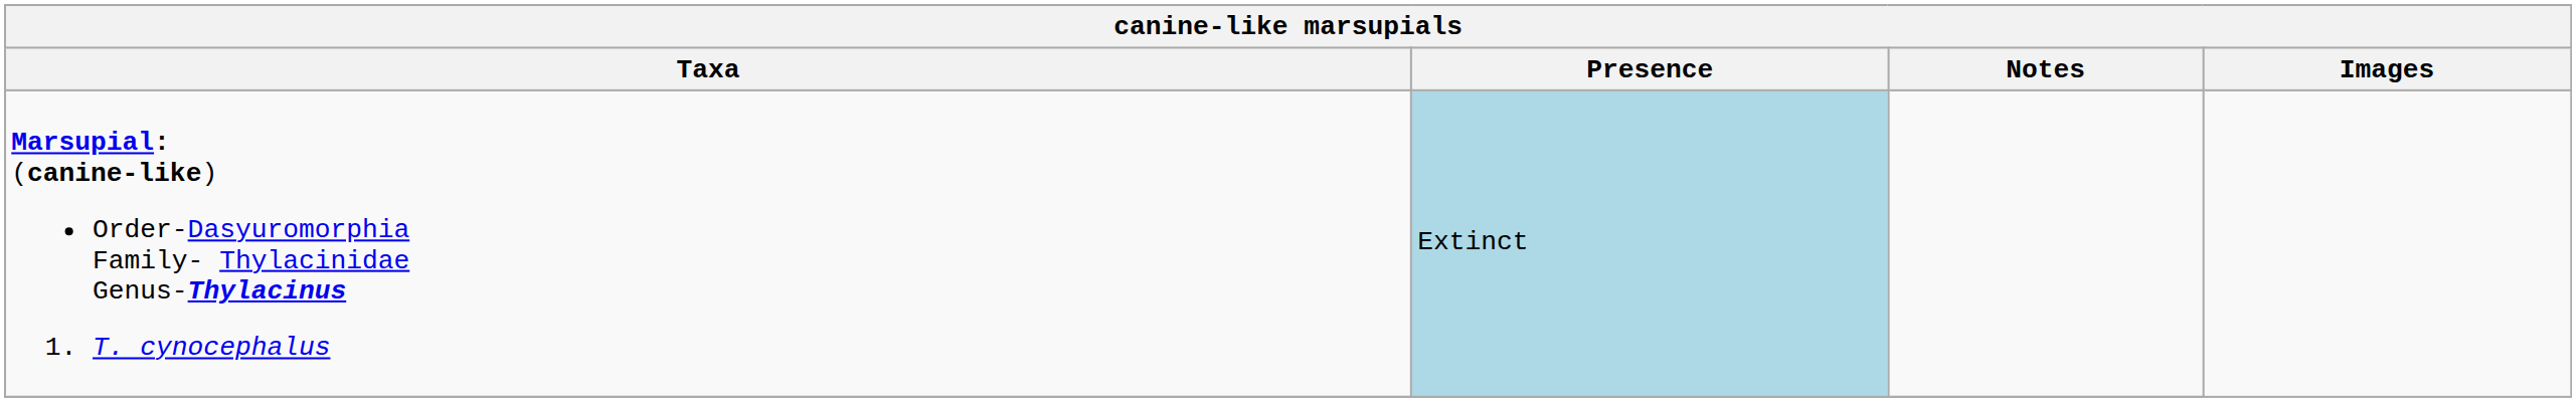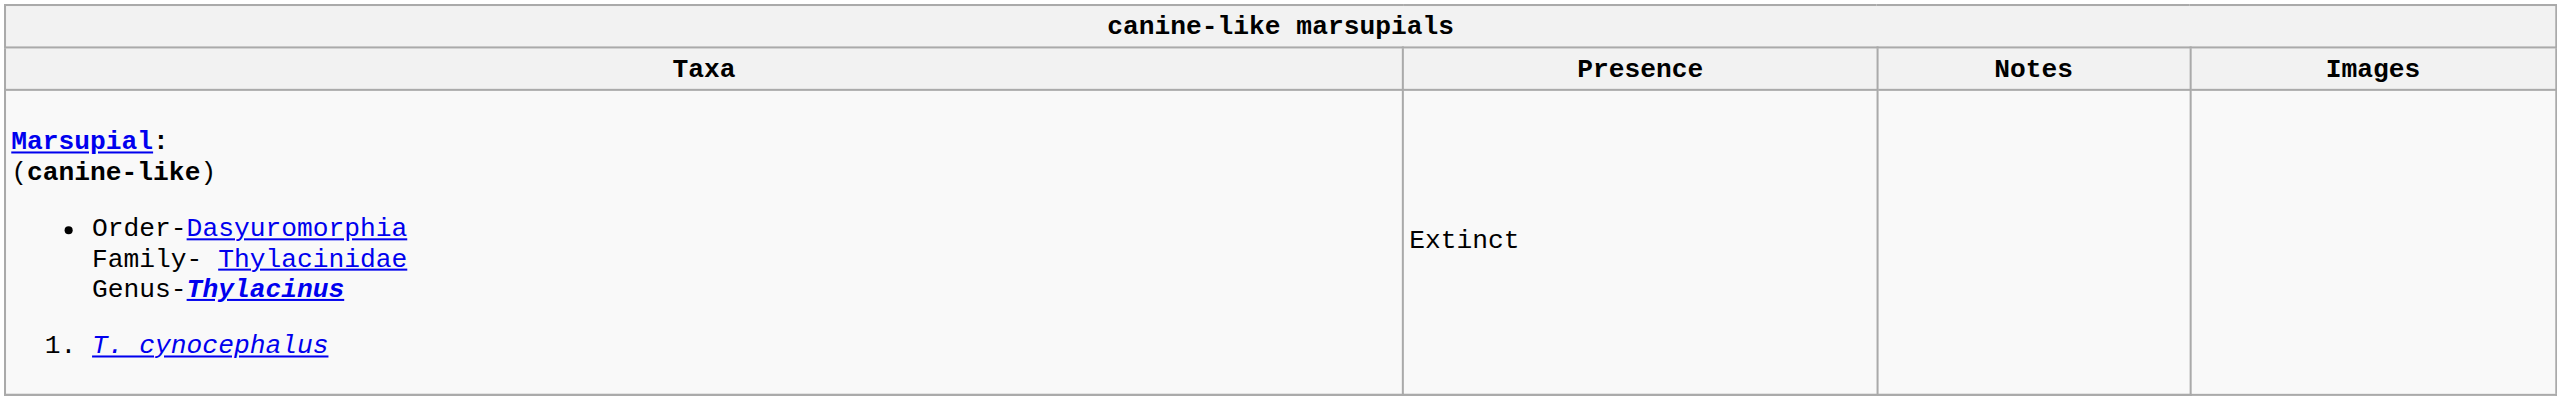 <table class="wikitable" align="center" width="100%">
 <tr>
 <th colspan="5" align="center"><strong>canine-like marsupials</strong></th>
 </tr>
 <tr>
 <th>Taxa</th>
 <th>Presence</th>
 <th>Notes</th>
 <th>Images</th>
 </tr>
 <tr>
 <td><br><strong><a href='#'>Marsupial</a>:</strong><br>(<strong>canine-like</strong>)<ul><li>Order-<a href='#'>Dasyuromorphia</a><br>Family- <a href='#'>Thylacinidae</a><br>Genus-<strong><em><a href='#'>Thylacinus</a></em></strong></li></ul><ol><li><em><a href='#'>T. cynocephalus</a></em></li></ol></td>
-<td style="background: lightblue;">Extinct</td>
+<td>Extinct</td>
 <td></td>
 <td rowspan="99"><br></td>
 </tr>
 <tr>
 </tr>
 </table>
